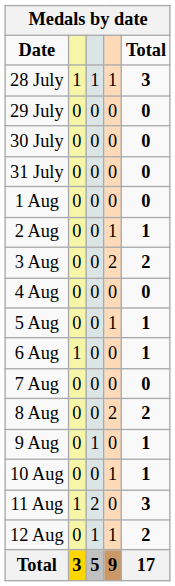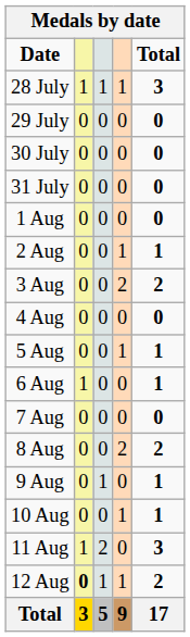 <table class="wikitable" style="font-size:85%; float:right">
 <tr bgcolor="#efefef">
 <th colspan=6>Medals by date</th>
 </tr>
 <tr align=center>
 <td><strong>Date</strong></td>
 <td bgcolor=#f7f6a8></td>
 <td bgcolor=#dce5e5></td>
 <td bgcolor=#ffdab9></td>
 <td><strong>Total</strong></td>
 </tr>
 <tr align=center>
 <td>28 July</td>
 <td style="background:#F7F6A8;">1</td>
 <td style="background:#DCE5E5;">1</td>
 <td style="background:#FFDAB9;">1</td>
 <td><strong>3</strong></td>
 </tr>
 <tr align=center>
 <td>29 July</td>
 <td style="background:#F7F6A8;">0</td>
 <td style="background:#DCE5E5;">0</td>
 <td style="background:#FFDAB9;">0</td>
 <td><strong>0</strong></td>
 </tr>
 <tr align=center>
 <td>30 July</td>
 <td style="background:#F7F6A8;">0</td>
 <td style="background:#DCE5E5;">0</td>
 <td style="background:#FFDAB9;">0</td>
 <td><strong>0</strong></td>
 </tr>
 <tr align=center>
 <td>31 July</td>
 <td style="background:#F7F6A8;">0</td>
 <td style="background:#DCE5E5;">0</td>
 <td style="background:#FFDAB9;">0</td>
 <td><strong>0</strong></td>
 </tr>
 <tr align=center>
 <td>1 Aug</td>
 <td style="background:#F7F6A8;">0</td>
 <td style="background:#DCE5E5;">0</td>
 <td style="background:#FFDAB9;">0</td>
 <td><strong>0</strong></td>
 </tr>
 <tr align=center>
 <td>2 Aug</td>
 <td style="background:#F7F6A8;">0</td>
 <td style="background:#DCE5E5;">0</td>
 <td style="background:#FFDAB9;">1</td>
 <td><strong>1</strong></td>
 </tr>
 <tr align=center>
 <td>3 Aug</td>
 <td style="background:#F7F6A8;">0</td>
 <td style="background:#DCE5E5;">0</td>
 <td style="background:#FFDAB9;">2</td>
 <td><strong>2</strong></td>
 </tr>
 <tr align=center>
 <td>4 Aug</td>
 <td style="background:#F7F6A8;">0</td>
 <td style="background:#DCE5E5;">0</td>
 <td style="background:#FFDAB9;">0</td>
 <td><strong>0</strong></td>
 </tr>
 <tr align=center>
 <td>5 Aug</td>
 <td style="background:#F7F6A8;">0</td>
 <td style="background:#DCE5E5;">0</td>
 <td style="background:#FFDAB9;">1</td>
 <td><strong>1</strong></td>
 </tr>
 <tr align=center>
 <td>6 Aug</td>
 <td style="background:#F7F6A8;">1</td>
 <td style="background:#DCE5E5;">0</td>
 <td style="background:#FFDAB9;">0</td>
 <td><strong>1</strong></td>
 </tr>
 <tr align=center>
 <td>7 Aug</td>
 <td style="background:#F7F6A8;">0</td>
 <td style="background:#DCE5E5;">0</td>
 <td style="background:#FFDAB9;">0</td>
 <td><strong>0</strong></td>
 </tr>
 <tr align=center>
 <td>8 Aug</td>
 <td style="background:#F7F6A8;">0</td>
 <td style="background:#DCE5E5;">0</td>
 <td style="background:#FFDAB9;">2</td>
 <td><strong>2</strong></td>
 </tr>
 <tr align=center>
 <td>9 Aug</td>
 <td style="background:#F7F6A8;">0</td>
 <td style="background:#DCE5E5;">1</td>
 <td style="background:#FFDAB9;">0</td>
 <td><strong>1</strong></td>
 </tr>
 <tr align=center>
 <td>10 Aug</td>
 <td style="background:#F7F6A8;">0</td>
 <td style="background:#DCE5E5;">0</td>
 <td style="background:#FFDAB9;">1</td>
 <td><strong>1</strong></td>
 </tr>
 <tr align=center>
 <td>11 Aug</td>
 <td style="background:#F7F6A8;">1</td>
 <td style="background:#DCE5E5;">2</td>
 <td style="background:#FFDAB9;">0</td>
 <td><strong>3</strong></td>
 </tr>
 <tr align=center>
 <td>12 Aug</td>
-<td style="background:#F7F6A8;">0</td>
+<td style="background:#F7F6A8;"><strong>0</strong></td>
 <td style="background:#DCE5E5;">1</td>
 <td style="background:#FFDAB9;">1</td>
 <td><strong>2</strong></td>
 </tr>
 <tr align=center>
 <th>Total</th>
 <th style="background:gold;">3</th>
 <th style="background:silver;">5</th>
 <th style="background:#c96;">9</th>
 <th>17</th>
 </tr>
 </table>
